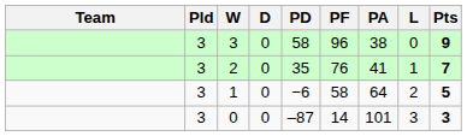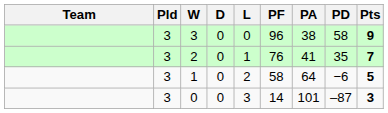 <table class="wikitable" style="text-align:center;">
 <tr>
 <th width=175>Team</th>
 <th width=25 abbr="Played">Pld</th>
 <th width=25 abbr="Won">W</th>
 <th width=25 abbr="Drawn">D</th>
-<th width=32 abbr="Points difference">PD</th>
+<th width=25 abbr="Lost">L</th>
 <th width=32 abbr="Points for">PF</th>
 <th width=32 abbr="Points against">PA</th>
-<th width=25 abbr="Lost">L</th>
+<th width=32 abbr="Points difference">PD</th>
 <th width=25 abbr="Points">Pts</th>
 </tr>
 <tr style="background:#cfc;">
 <td align=left></td>
 <td>3</td>
 <td>3</td>
 <td>0</td>
-<td>58</td>
+<td>0</td>
 <td>96</td>
 <td>38</td>
-<td>0</td>
+<td>58</td>
 <td><strong>9</strong></td>
 </tr>
 <tr style="background:#cfc;">
 <td align=left></td>
 <td>3</td>
 <td>2</td>
 <td>0</td>
-<td>35</td>
+<td>1</td>
 <td>76</td>
 <td>41</td>
-<td>1</td>
+<td>35</td>
 <td><strong>7</strong></td>
 </tr>
 <tr>
 <td align=left></td>
 <td>3</td>
 <td>1</td>
 <td>0</td>
-<td>−6</td>
+<td>2</td>
 <td>58</td>
 <td>64</td>
-<td>2</td>
+<td>−6</td>
 <td><strong>5</strong></td>
 </tr>
 <tr>
 <td align=left></td>
 <td>3</td>
 <td>0</td>
 <td>0</td>
-<td>–87</td>
+<td>3</td>
 <td>14</td>
 <td>101</td>
-<td>3</td>
+<td>–87</td>
 <td><strong>3</strong></td>
 </tr>
 </table>
